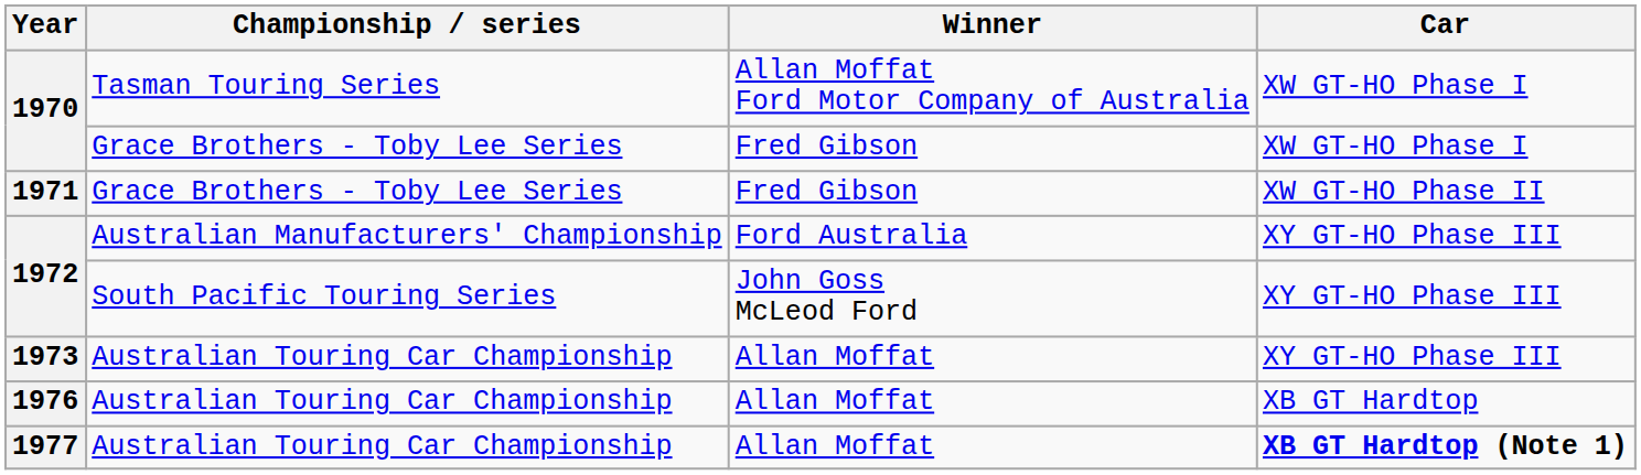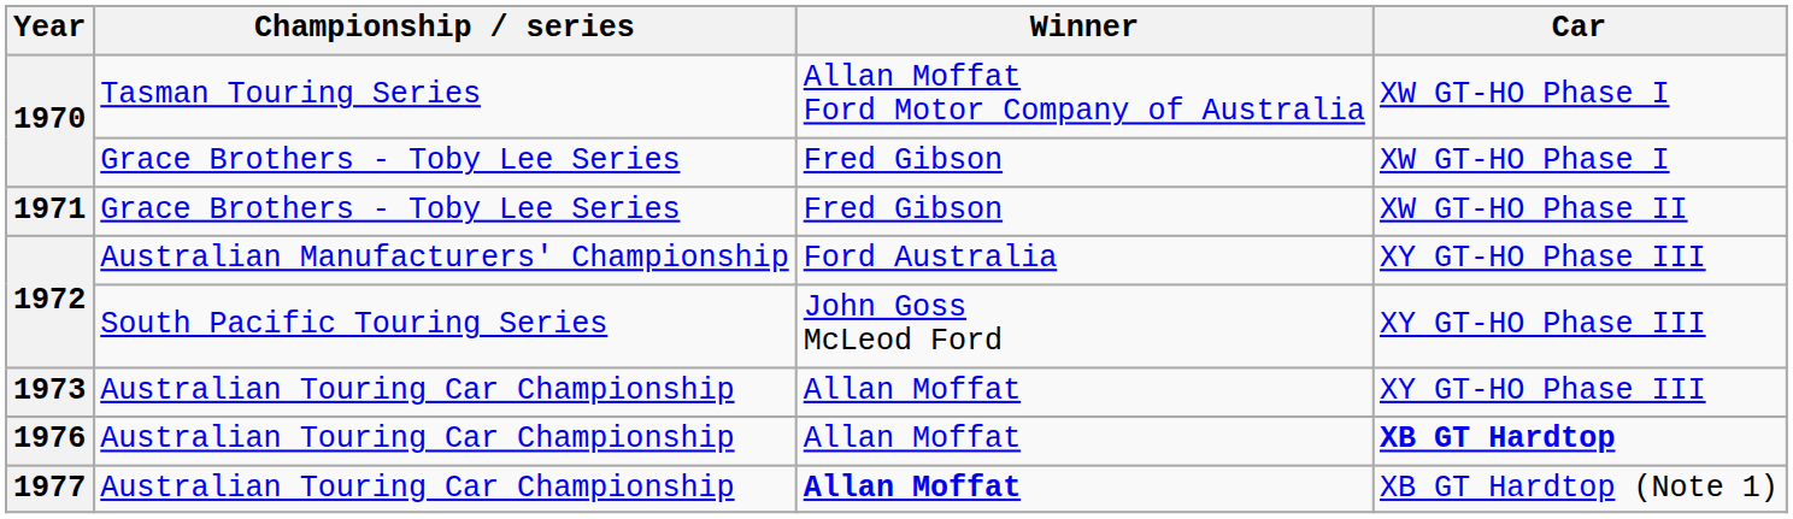 <table class="wikitable" style="font-size: 95%;">
 <tr>
 <th>Year</th>
 <th>Championship / series</th>
 <th>Winner</th>
 <th>Car</th>
 </tr>
 <tr>
 <th rowspan=2>1970</th>
 <td><a href='#'>Tasman Touring Series</a></td>
 <td><a href='#'>Allan Moffat</a> <br> <a href='#'>Ford Motor Company of Australia</a></td>
 <td><a href='#'>XW GT-HO Phase I</a></td>
 </tr>
 <tr>
 <td><a href='#'>Grace Brothers - Toby Lee Series</a></td>
 <td><a href='#'>Fred Gibson</a></td>
 <td><a href='#'>XW GT-HO Phase I</a></td>
 </tr>
 <tr>
 <th>1971</th>
 <td><a href='#'>Grace Brothers - Toby Lee Series</a></td>
 <td><a href='#'>Fred Gibson</a>  </td>
 <td><a href='#'>XW GT-HO Phase II</a></td>
 </tr>
 <tr>
 <th rowspan=2>1972</th>
 <td><a href='#'>Australian Manufacturers' Championship</a></td>
 <td><a href='#'>Ford Australia</a></td>
 <td><a href='#'>XY GT-HO Phase III</a></td>
 </tr>
 <tr>
 <td><a href='#'>South Pacific Touring Series</a></td>
 <td><a href='#'>John Goss</a> <br> McLeod Ford</td>
 <td><a href='#'>XY GT-HO Phase III</a></td>
 </tr>
 <tr>
 <th>1973</th>
 <td><a href='#'>Australian Touring Car Championship</a></td>
 <td><a href='#'>Allan Moffat</a></td>
 <td><a href='#'>XY GT-HO Phase III</a></td>
 </tr>
 <tr>
 <th>1976</th>
 <td><a href='#'>Australian Touring Car Championship</a></td>
 <td><a href='#'>Allan Moffat</a></td>
-<td><a href='#'>XB GT Hardtop</a></td>
+<td><strong><a href='#'>XB GT Hardtop</a></strong></td>
 </tr>
 <tr>
 <th>1977</th>
 <td><a href='#'>Australian Touring Car Championship</a></td>
-<td><a href='#'>Allan Moffat</a></td>
-<td><strong><a href='#'>XB GT Hardtop</a> (Note 1)</strong></td>
+<td><strong><a href='#'>Allan Moffat</a></strong></td>
+<td><a href='#'>XB GT Hardtop</a> (Note 1)</td>
 </tr>
 </table>
